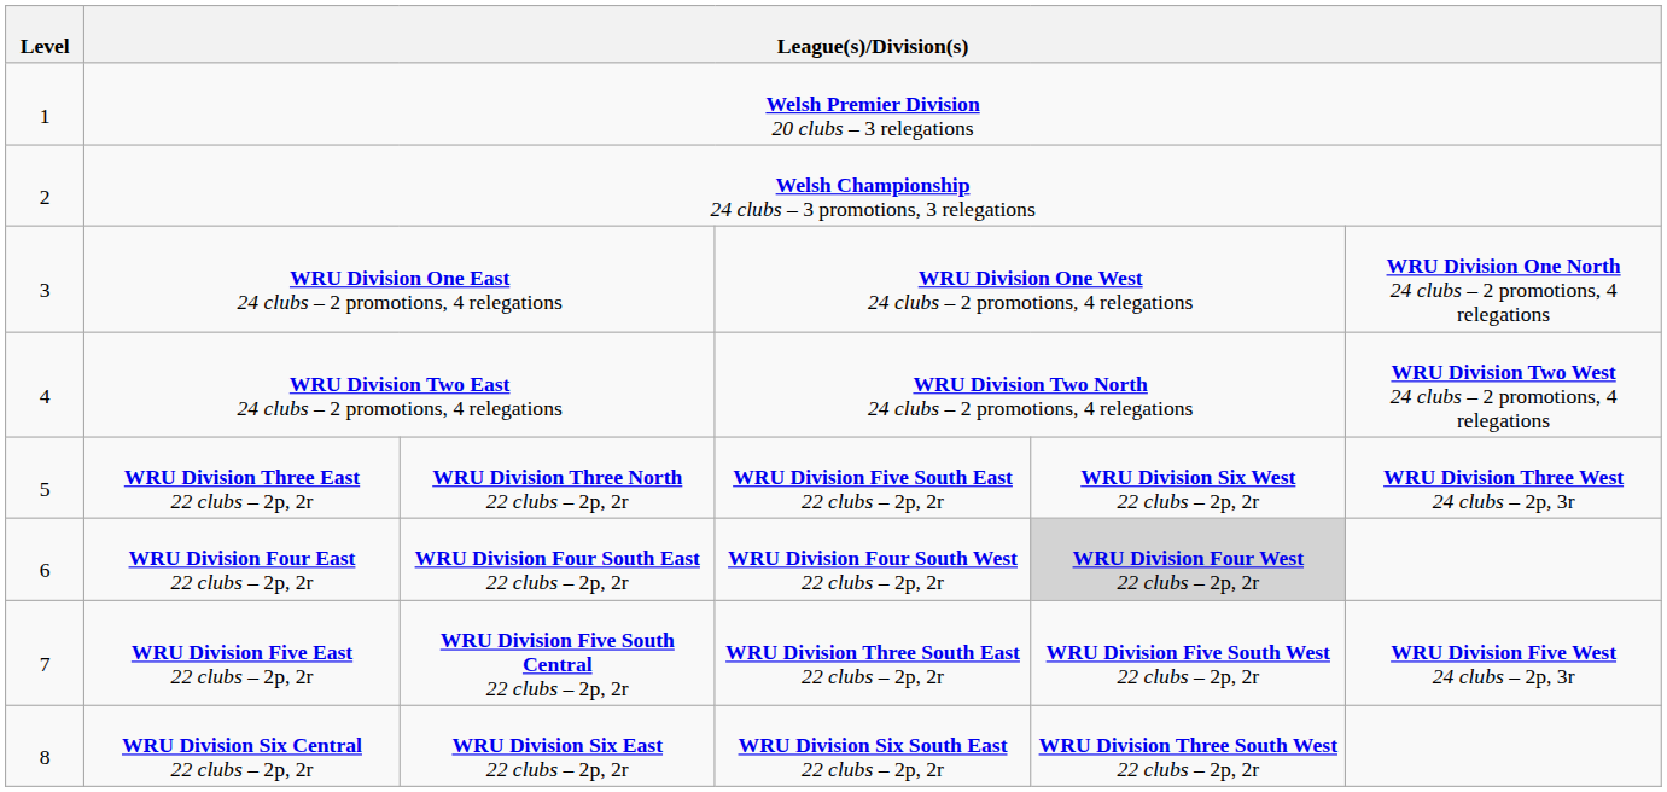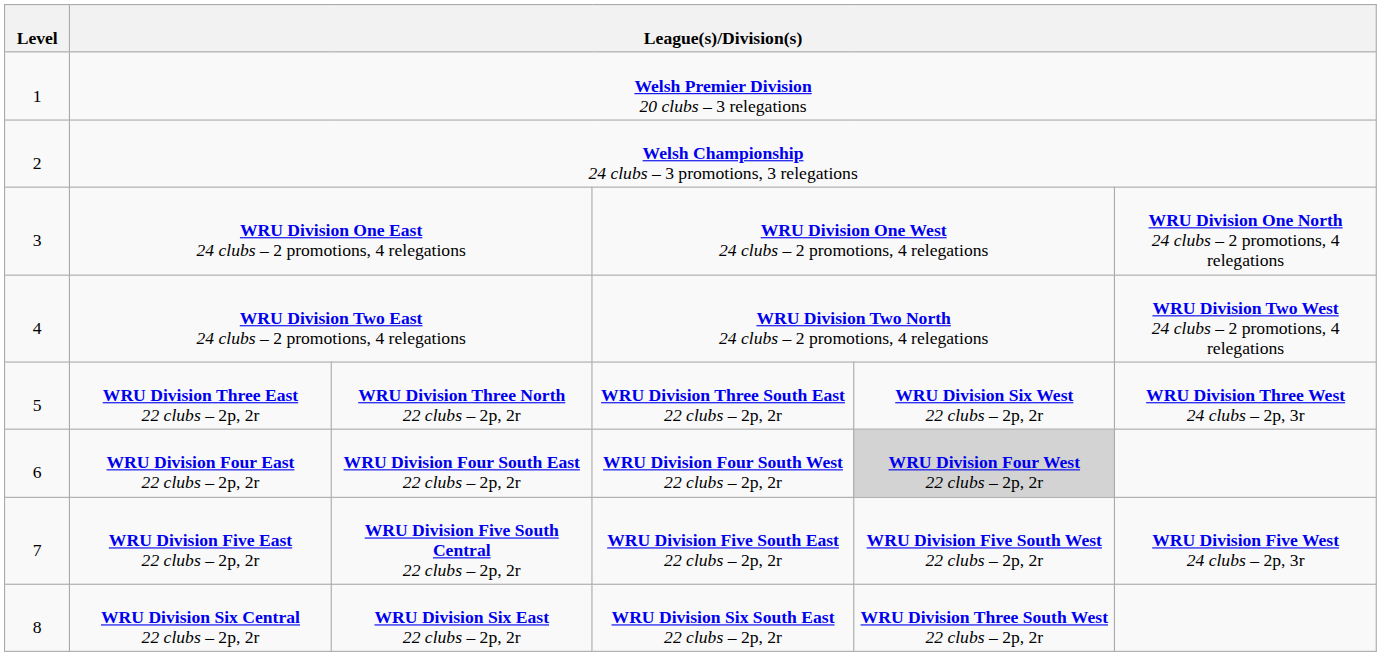 <table class="wikitable" style="text-align: center;">
 <tr>
 <th colspan="1" width="4%"><br>Level</th>
 <th colspan="9" width="96%"><br>League(s)/Division(s)</th>
 </tr>
 <tr>
 <td colspan="1" width="4%"><br>1</td>
 <td colspan="9" width="96%"><br><strong><a href='#'>Welsh Premier Division</a></strong><br> <em>20 clubs</em> – 3 relegations</td>
 </tr>
 <tr>
 <td colspan="1" width="4%"><br>2</td>
 <td colspan="9" width="96%"><br><strong><a href='#'>Welsh Championship</a></strong><br> <em>24 clubs</em> – 3 promotions, 3 relegations</td>
 </tr>
 <tr>
 <td colspan="1" width="4%"><br>3</td>
 <td colspan="2" width="96%"><br><strong><a href='#'>WRU Division One East</a></strong><br> <em>24 clubs</em> – 2 promotions, 4 relegations</td>
 <td colspan="2" width="32%"><br><strong><a href='#'>WRU Division One West</a></strong><br> <em>24 clubs</em> – 2 promotions, 4 relegations</td>
 <td colspan="2" width="32%"><br><strong><a href='#'>WRU Division One North</a></strong><br> <em>24 clubs</em> – 2 promotions, 4 relegations</td>
 </tr>
 <tr>
 <td colspan="1" width="4%"><br>4</td>
 <td colspan="2" width="96%"><br><strong><a href='#'>WRU Division Two East</a></strong><br> <em>24 clubs</em> – 2 promotions, 4 relegations</td>
 <td colspan="2" width="32%"><br><strong><a href='#'>WRU Division Two North</a></strong><br> <em>24 clubs</em> – 2 promotions, 4 relegations</td>
 <td colspan="2" width="32%"><br><strong><a href='#'>WRU Division Two West</a></strong><br> <em>24 clubs</em> – 2 promotions, 4 relegations</td>
 </tr>
 <tr>
 <td colspan="1" width="4%"><br>5</td>
 <td colspan="1" width="16%"><br><strong><a href='#'>WRU Division Three East</a></strong><br> <em>22 clubs</em> – 2p, 2r</td>
 <td colspan="1" width="16%"><br><strong><a href='#'>WRU Division Three North</a></strong><br> <em>22 clubs</em> – 2p, 2r</td>
-<td colspan="1" width="16%"><br><strong><a href='#'>WRU Division Five South East</a></strong><br> <em>22 clubs</em> – 2p, 2r</td>
+<td colspan="1" width="16%"><br><strong><a href='#'>WRU Division Three South East</a></strong><br> <em>22 clubs</em> – 2p, 2r</td>
 <td colspan="1" width="16%"><br><strong><a href='#'>WRU Division Six West</a></strong><br> <em>22 clubs</em> – 2p, 2r</td>
 <td colspan="1" width="16%"><br><strong><a href='#'>WRU Division Three West</a></strong><br> <em>24 clubs</em> – 2p, 3r</td>
 </tr>
 <tr>
 <td colspan="1" width="4%"><br>6</td>
 <td colspan="1" width="16%"><br><strong><a href='#'>WRU Division Four East</a></strong><br> <em>22 clubs</em> – 2p, 2r</td>
 <td colspan="1" width="16%"><br><strong><a href='#'>WRU Division Four South East</a></strong><br> <em>22 clubs</em> – 2p, 2r</td>
 <td colspan="1" width="16%"><br><strong><a href='#'>WRU Division Four South West</a></strong><br> <em>22 clubs</em> – 2p, 2r</td>
 <td colspan="1" width="16%" style="background: lightgrey;"><br><strong><a href='#'>WRU Division Four West</a></strong><br> <em>22 clubs</em> – 2p, 2r</td>
 </tr>
 <tr>
 <td colspan="1" width="4%"><br>7</td>
 <td colspan="1" width="16%"><br><strong><a href='#'>WRU Division Five East</a></strong><br> <em>22 clubs</em> – 2p, 2r</td>
 <td colspan="1" width="16%"><br><strong><a href='#'>WRU Division Five South Central</a></strong><br> <em>22 clubs</em> – 2p, 2r</td>
-<td colspan="1" width="16%"><br><strong><a href='#'>WRU Division Three South East</a></strong><br> <em>22 clubs</em> – 2p, 2r</td>
+<td colspan="1" width="16%"><br><strong><a href='#'>WRU Division Five South East</a></strong><br> <em>22 clubs</em> – 2p, 2r</td>
 <td colspan="1" width="16%"><br><strong><a href='#'>WRU Division Five South West</a></strong><br> <em>22 clubs</em> – 2p, 2r</td>
 <td colspan="1" width="16%"><br><strong><a href='#'>WRU Division Five West</a></strong><br> <em>24 clubs</em> – 2p, 3r</td>
 </tr>
 <tr>
 <td colspan="1" width="4%"><br>8</td>
 <td colspan="1" width="16%"><br><strong><a href='#'>WRU Division Six Central</a></strong><br> <em>22 clubs</em> – 2p, 2r</td>
 <td colspan="1" width="16%"><br><strong><a href='#'>WRU Division Six East</a></strong><br> <em>22 clubs</em> – 2p, 2r</td>
 <td colspan="1" width="16%"><br><strong><a href='#'>WRU Division Six South East</a></strong><br> <em>22 clubs</em> – 2p, 2r</td>
 <td colspan="1" width="16%"><br><strong><a href='#'>WRU Division Three South West</a></strong><br> <em>22 clubs</em> – 2p, 2r</td>
 </tr>
 </table>
